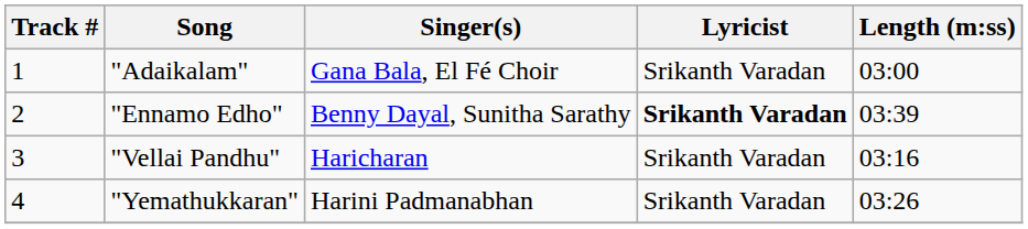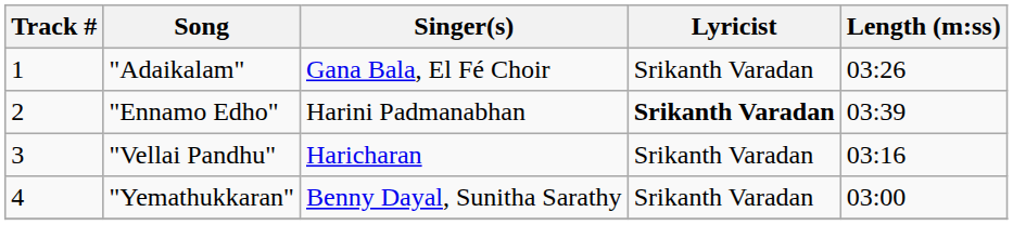 <table class="wikitable" style="font-size:95%;">
 <tr>
 <th>Track #</th>
 <th>Song</th>
 <th>Singer(s)</th>
 <th>Lyricist</th>
 <th>Length (m:ss)</th>
 </tr>
 <tr>
 <td>1</td>
 <td>"Adaikalam"</td>
 <td><a href='#'>Gana Bala</a>, El Fé Choir</td>
 <td>Srikanth Varadan</td>
-<td>03:00</td>
+<td>03:26</td>
 </tr>
 <tr>
 <td>2</td>
 <td>"Ennamo Edho"</td>
-<td><a href='#'>Benny Dayal</a>, Sunitha Sarathy</td>
+<td>Harini Padmanabhan</td>
 <td><strong>Srikanth Varadan</strong></td>
 <td>03:39</td>
 </tr>
 <tr>
 <td>3</td>
 <td>"Vellai Pandhu"</td>
 <td><a href='#'>Haricharan</a></td>
 <td>Srikanth Varadan</td>
 <td>03:16</td>
 </tr>
 <tr>
 <td>4</td>
 <td>"Yemathukkaran"</td>
-<td>Harini Padmanabhan</td>
+<td><a href='#'>Benny Dayal</a>, Sunitha Sarathy</td>
 <td>Srikanth Varadan</td>
-<td>03:26</td>
+<td>03:00</td>
 </tr>
 <tr>
 </tr>
 </table>
